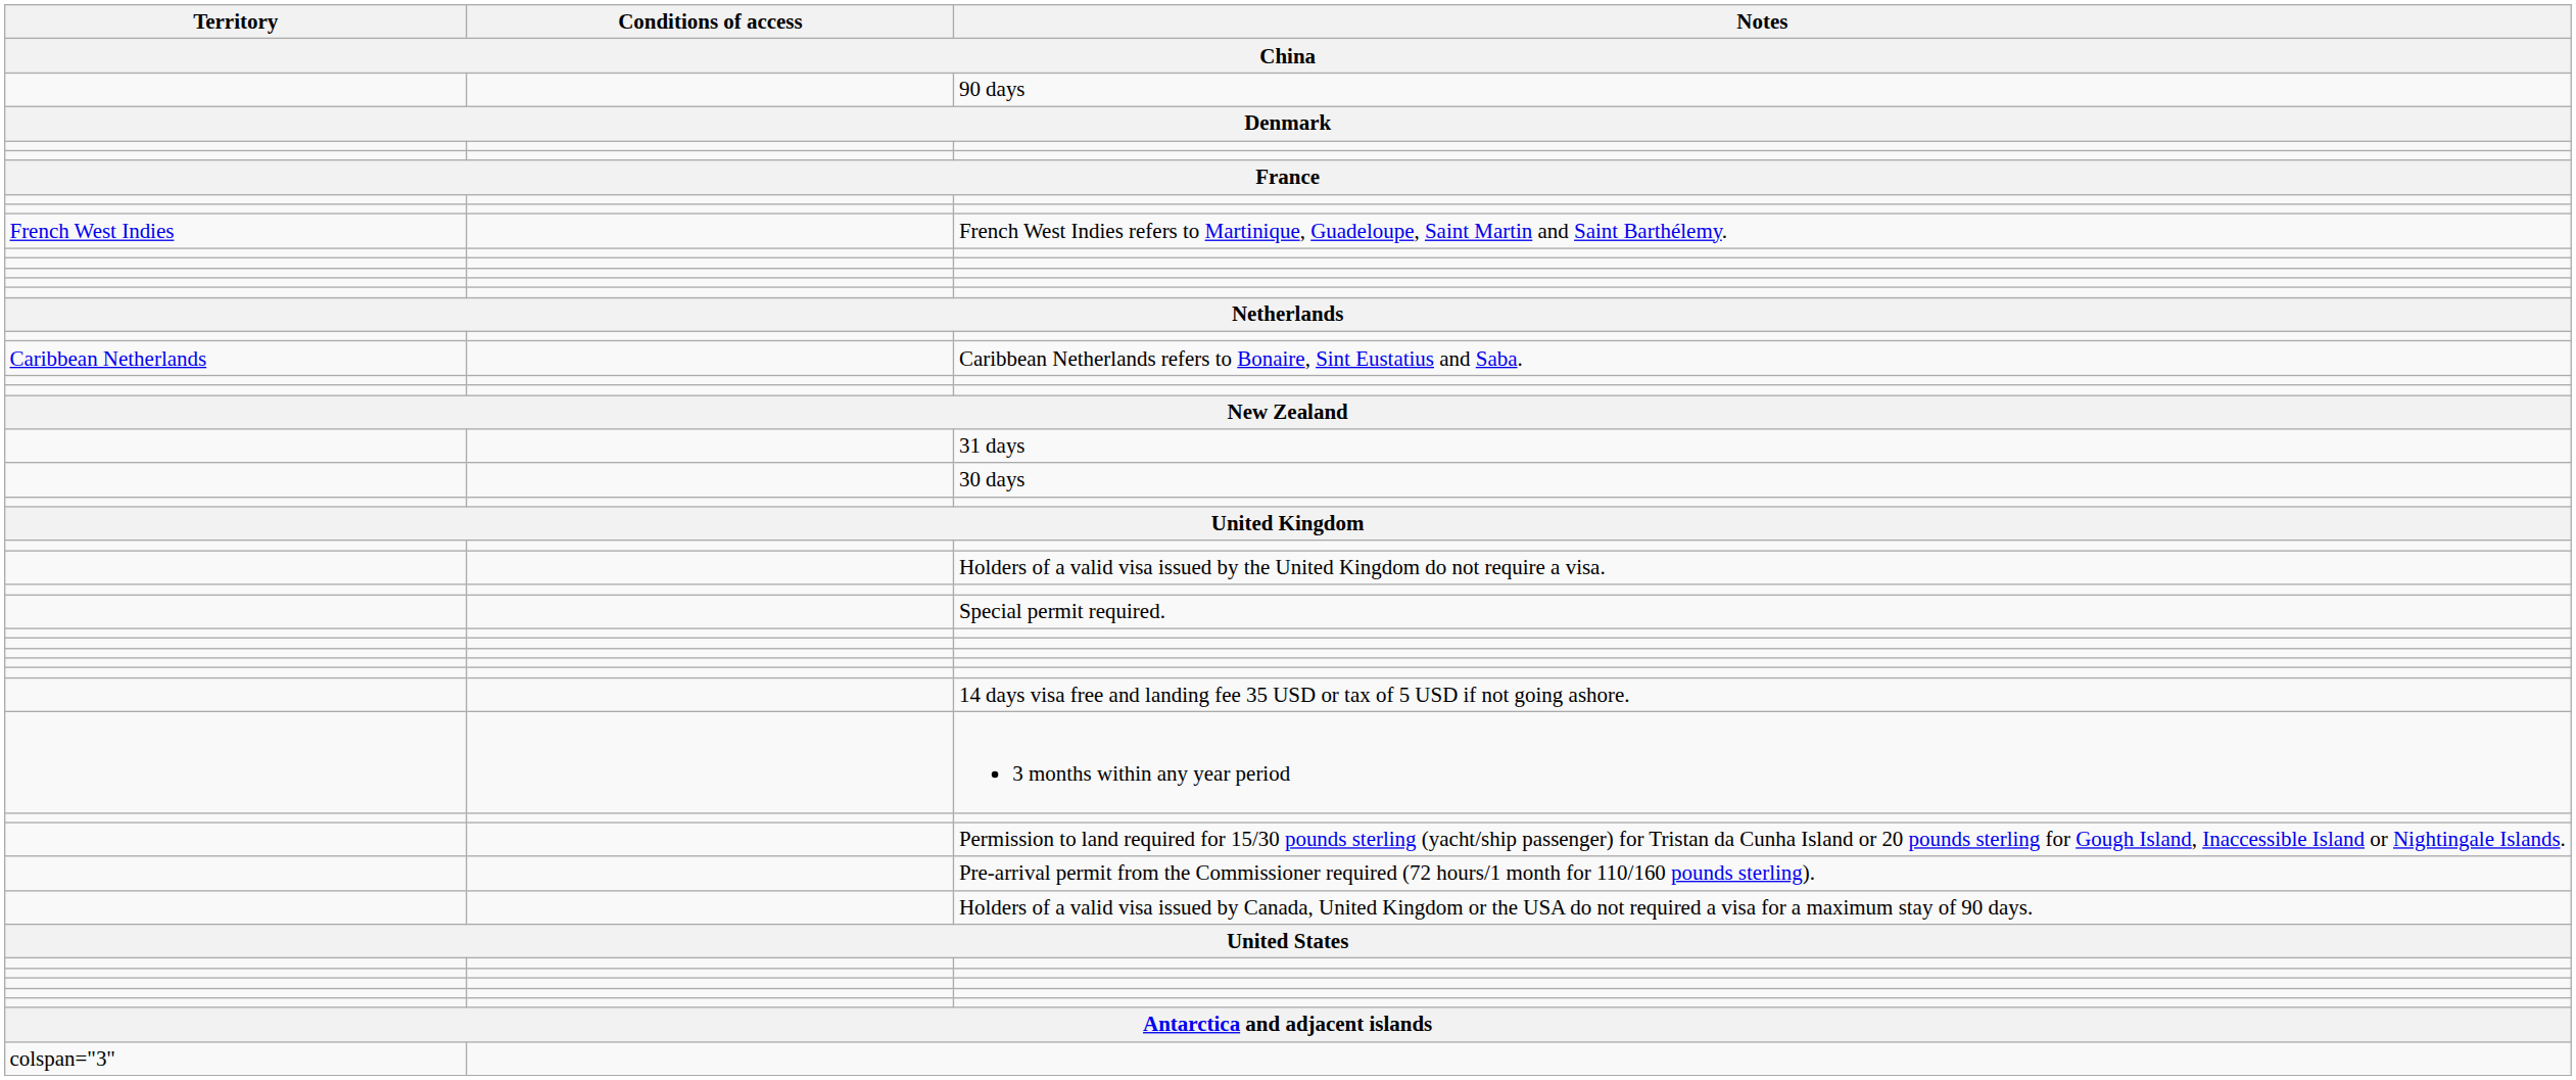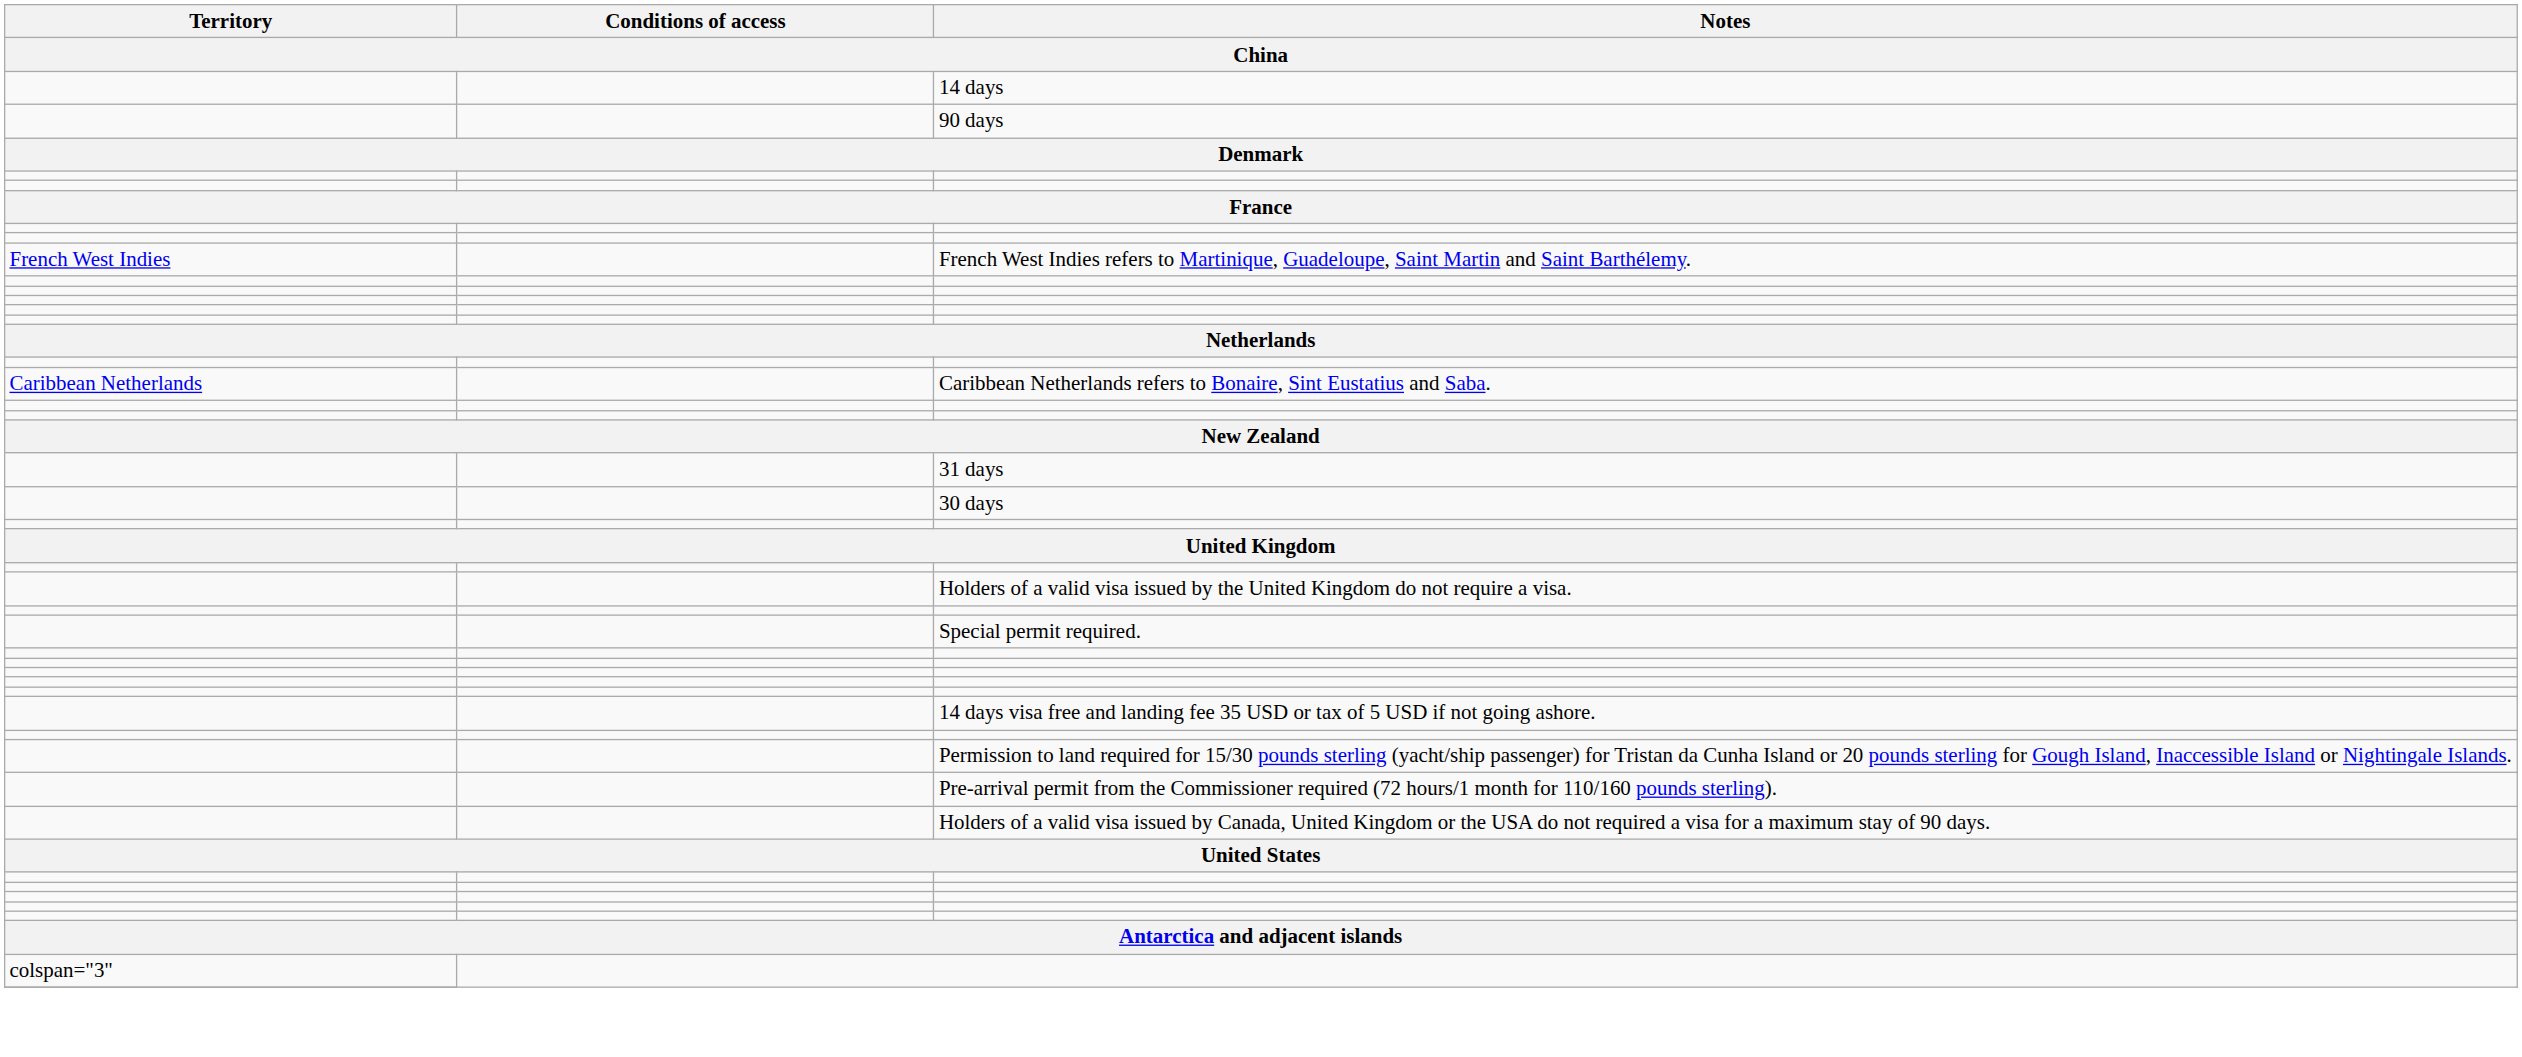 <table class="wikitable" style="text-align: left; table-layout: fixed;">
 <tr>
 <th width="18%">Territory</th>
 <th width="19%">Conditions of access</th>
 <th>Notes</th>
 </tr>
 <tr>
 <th colspan="3">China</th>
+</tr>
+<tr>
+<td></td>
+<td></td>
+<td>14 days</td>
 </tr>
 <tr>
 <td></td>
 <td></td>
 <td>90 days</td>
 </tr>
 <tr>
 <th colspan="3">Denmark</th>
 </tr>
 <tr>
 <td></td>
 <td></td>
 <td></td>
 </tr>
 <tr>
 <td></td>
 <td></td>
 <td></td>
 </tr>
 <tr>
 <th colspan="3">France</th>
 </tr>
 <tr>
 <td></td>
 <td></td>
 <td></td>
 </tr>
 <tr>
 <td></td>
 <td></td>
 <td></td>
 </tr>
 <tr>
 <td> <a href='#'>French West Indies</a></td>
 <td></td>
 <td>French West Indies refers to <a href='#'>Martinique</a>, <a href='#'>Guadeloupe</a>, <a href='#'>Saint Martin</a> and <a href='#'>Saint Barthélemy</a>.</td>
 </tr>
 <tr>
 <td></td>
 <td></td>
 <td></td>
 </tr>
 <tr>
 <td></td>
 <td></td>
 <td></td>
 </tr>
 <tr>
 <td></td>
 <td></td>
 <td></td>
 </tr>
 <tr>
 <td></td>
 <td></td>
 <td></td>
 </tr>
 <tr>
 <td></td>
 <td></td>
 <td></td>
 </tr>
 <tr>
 <th colspan="3">Netherlands</th>
 </tr>
 <tr>
 <td></td>
 <td></td>
 <td></td>
 </tr>
 <tr>
 <td> <a href='#'>Caribbean Netherlands</a></td>
 <td></td>
 <td>Caribbean Netherlands refers to <a href='#'>Bonaire</a>, <a href='#'>Sint Eustatius</a> and <a href='#'>Saba</a>.</td>
 </tr>
 <tr>
 <td></td>
 <td></td>
 <td></td>
 </tr>
 <tr>
 <td></td>
 <td></td>
 <td></td>
 </tr>
 <tr>
 <th colspan="3">New Zealand</th>
 </tr>
 <tr>
 <td></td>
 <td></td>
 <td>31 days</td>
 </tr>
 <tr>
 <td></td>
 <td></td>
 <td>30 days</td>
 </tr>
 <tr>
 <td></td>
 <td></td>
 <td></td>
 </tr>
 <tr>
 <th colspan="3">United Kingdom</th>
 </tr>
 <tr>
 <td></td>
 <td></td>
 <td></td>
 </tr>
 <tr>
 <td></td>
 <td></td>
 <td>Holders of a valid visa issued by the United Kingdom do not require a visa.</td>
 </tr>
 <tr>
 <td></td>
 <td></td>
 <td></td>
 </tr>
 <tr>
 <td></td>
 <td></td>
 <td>Special permit required.</td>
 </tr>
 <tr>
 <td></td>
 <td></td>
 <td></td>
 </tr>
 <tr>
 <td></td>
 <td></td>
 <td></td>
 </tr>
 <tr>
 <td></td>
 <td></td>
 <td></td>
 </tr>
 <tr>
 <td></td>
 <td></td>
 <td></td>
 </tr>
 <tr>
 <td></td>
 <td></td>
 <td></td>
 </tr>
 <tr>
 <td></td>
 <td></td>
 <td>14 days visa free and landing fee 35 USD or tax of 5 USD if not going ashore.</td>
 </tr>
 <tr>
 <td></td>
 <td></td>
-<td><br><ul><li>3 months within any year period</li></ul></td>
-</tr>
-<tr>
-<td></td>
-<td></td>
 <td></td>
 </tr>
 <tr>
 <td></td>
 <td></td>
 <td>Permission to land required for 15/30 <a href='#'>pounds sterling</a> (yacht/ship passenger) for Tristan da Cunha Island or 20 <a href='#'>pounds sterling</a> for <a href='#'>Gough Island</a>, <a href='#'>Inaccessible Island</a> or <a href='#'>Nightingale Islands</a>.</td>
 </tr>
 <tr>
 <td></td>
 <td></td>
 <td>Pre-arrival permit from the Commissioner required (72 hours/1 month for 110/160 <a href='#'>pounds sterling</a>).</td>
 </tr>
 <tr>
 <td></td>
 <td></td>
 <td>Holders of a valid visa issued by Canada, United Kingdom or the USA do not required a visa for a maximum stay of 90 days.</td>
 </tr>
 <tr>
 <th colspan="3">United States</th>
 </tr>
 <tr>
 <td></td>
 <td></td>
 <td></td>
 </tr>
 <tr>
 <td></td>
 <td></td>
 <td></td>
 </tr>
 <tr>
 <td></td>
 <td></td>
 <td></td>
 </tr>
 <tr>
 <td></td>
 <td></td>
 <td></td>
 </tr>
 <tr>
 <td></td>
 <td></td>
 <td></td>
 </tr>
 <tr>
 <th colspan="3"><a href='#'>Antarctica</a> and adjacent islands</th>
 </tr>
 <tr>
 <td>colspan="3" </td>
 </tr>
 <tr>
 </tr>
 </table>
